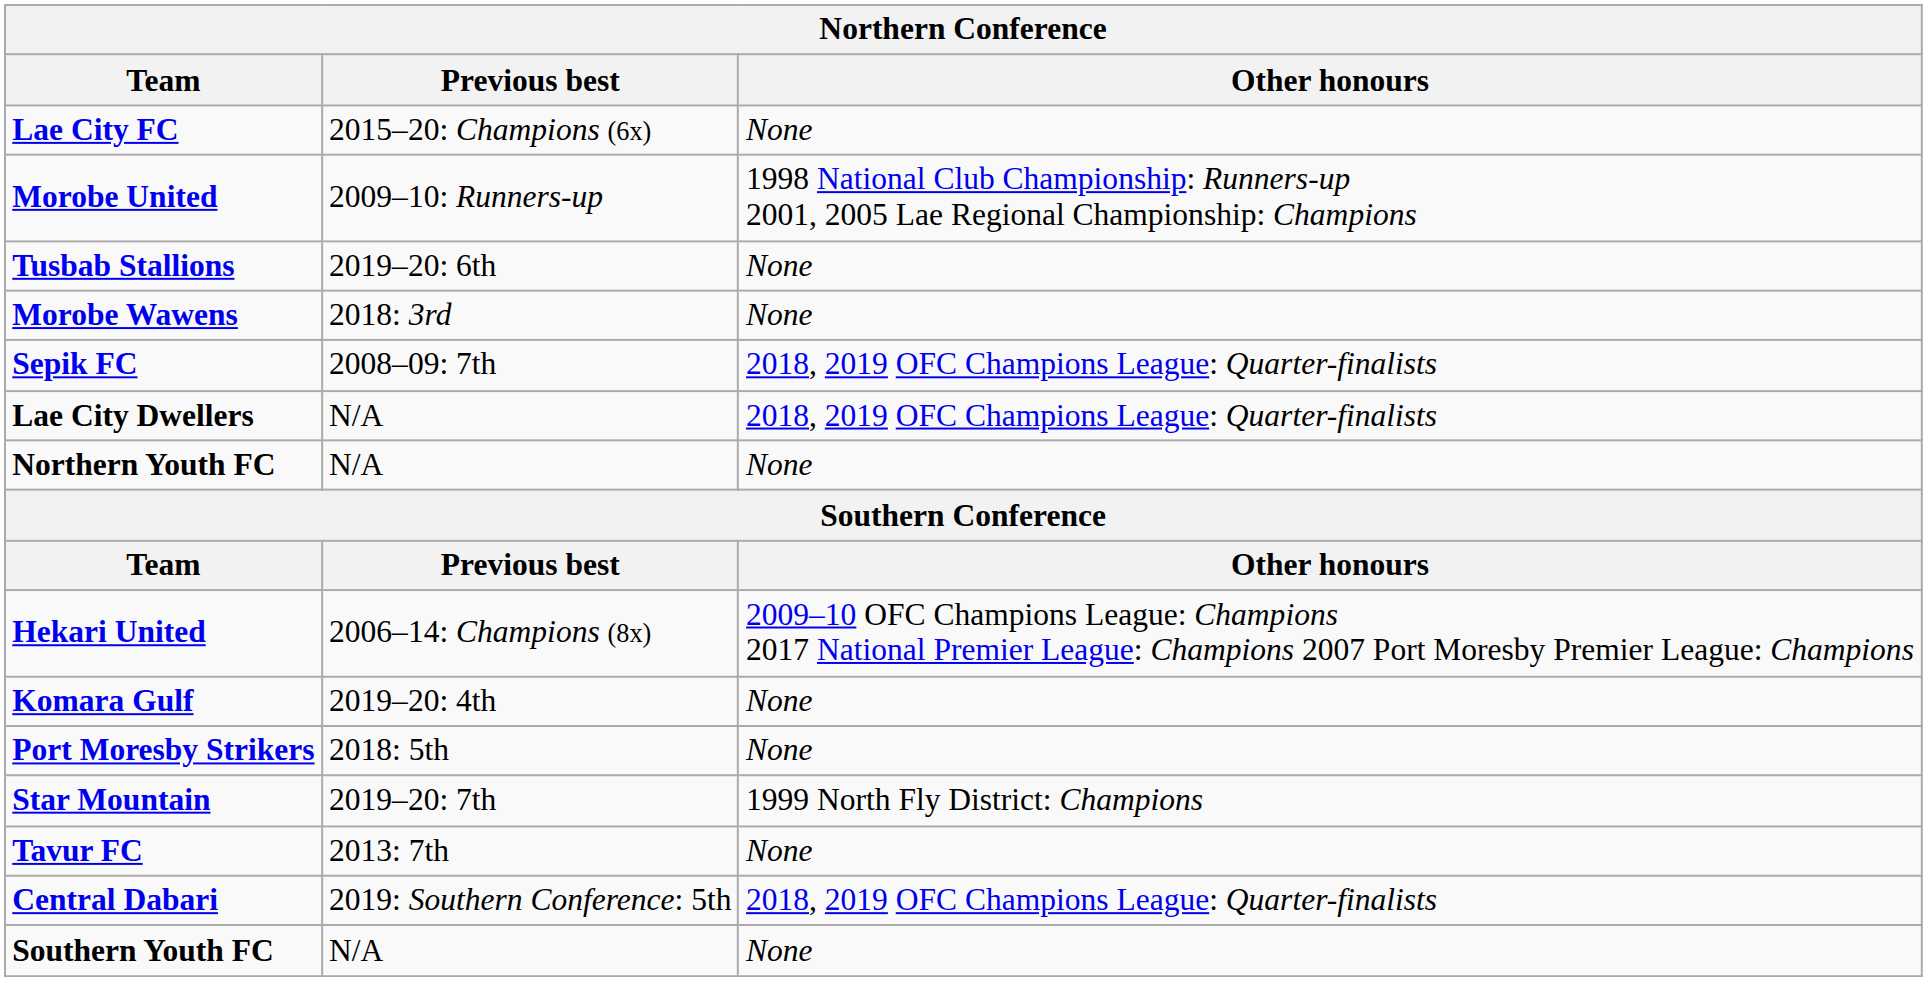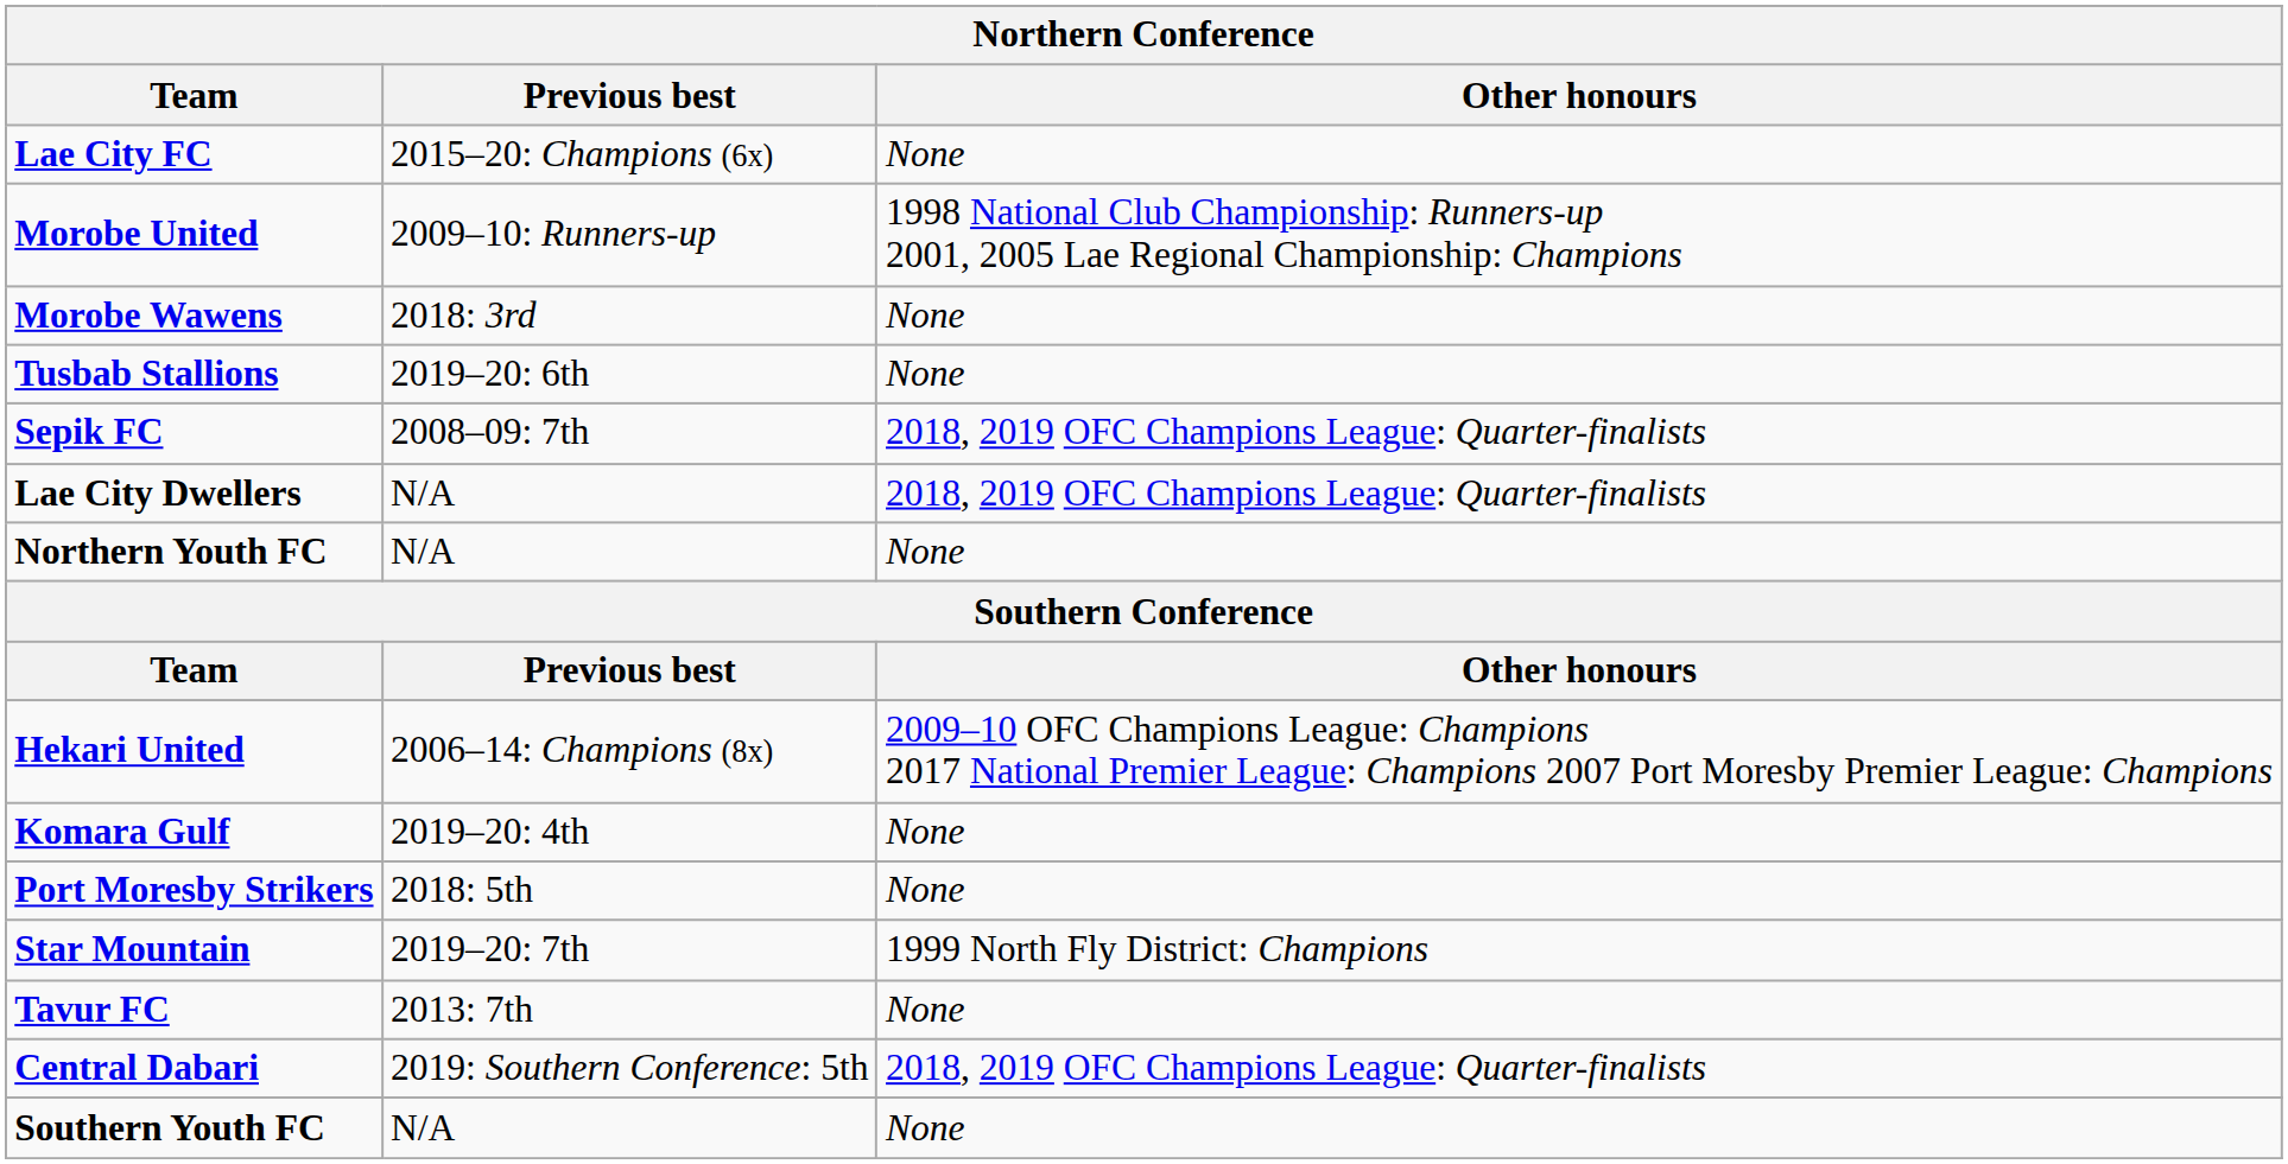 <table class="wikitable">
 <tr>
 <th colspan="3">Northern Conference</th>
 </tr>
 <tr>
 <th>Team</th>
 <th>Previous best</th>
 <th>Other honours</th>
 </tr>
 <tr>
 <td><strong><a href='#'>Lae City FC</a></strong></td>
 <td>2015–20: <em>Champions</em> <small>(6x)</small></td>
 <td><em>None</em></td>
 </tr>
 <tr>
 <td><a href='#'><strong>Morobe United</strong></a></td>
 <td>2009–10: <em>Runners-up</em></td>
 <td>1998 <a href='#'>National Club Championship</a>: <em>Runners-up</em><br>2001, 2005 Lae Regional Championship: <em>Champions</em></td>
 </tr>
 <tr>
-<td><a href='#'><strong>Tusbab Stallions</strong></a></td>
-<td>2019–20: 6th</td>
+<td><strong><a href='#'>Morobe Wawens</a></strong></td>
+<td>2018: <em>3rd</em></td>
 <td><em>None</em></td>
 </tr>
 <tr>
-<td><strong><a href='#'>Morobe Wawens</a></strong></td>
-<td>2018: <em>3rd</em></td>
+<td><a href='#'><strong>Tusbab Stallions</strong></a></td>
+<td>2019–20: 6th</td>
 <td><em>None</em></td>
 </tr>
 <tr>
 <td><strong><a href='#'>Sepik FC</a></strong></td>
 <td>2008–09: 7th</td>
 <td><a href='#'>2018</a>, <a href='#'>2019</a> <a href='#'>OFC Champions League</a>: <em>Quarter-finalists</em></td>
 </tr>
 <tr>
 <td><strong>Lae City Dwellers</strong></td>
 <td>N/A</td>
 <td><a href='#'>2018</a>, <a href='#'>2019</a> <a href='#'>OFC Champions League</a>: <em>Quarter-finalists</em></td>
 </tr>
 <tr>
 <td><strong>Northern Youth FC</strong></td>
 <td>N/A</td>
 <td><em>None</em></td>
 </tr>
 <tr>
 <th colspan="3">Southern Conference</th>
 </tr>
 <tr>
 <th>Team</th>
 <th>Previous best</th>
 <th>Other honours</th>
 </tr>
 <tr>
 <td><strong><a href='#'>Hekari United</a></strong></td>
 <td>2006–14: <em>Champions</em> <small> (8x)</small></td>
 <td><a href='#'>2009–10</a> OFC Champions League: <em>Champions</em><br>2017 <a href='#'>National Premier League</a>: <em>Champions</em> 2007 Port Moresby Premier League: <em>Champions</em></td>
 </tr>
 <tr>
 <td><strong><a href='#'>Komara Gulf</a></strong></td>
 <td>2019–20: 4th</td>
 <td><em>None</em></td>
 </tr>
 <tr>
 <td><strong><a href='#'>Port Moresby Strikers</a></strong></td>
 <td>2018: 5th</td>
 <td><em>None</em></td>
 </tr>
 <tr>
 <td><strong><a href='#'>Star Mountain</a></strong></td>
 <td>2019–20: 7th</td>
 <td>1999 North Fly District: <em>Champions</em></td>
 </tr>
 <tr>
 <td><strong><a href='#'>Tavur FC</a></strong></td>
 <td>2013: 7th</td>
 <td><em>None</em></td>
 </tr>
 <tr>
 <td><a href='#'><strong>Central Dabari</strong></a></td>
 <td>2019: <em>Southern Conference</em>: 5th</td>
 <td><a href='#'>2018</a>, <a href='#'>2019</a> <a href='#'>OFC Champions League</a>: <em>Quarter-finalists</em></td>
 </tr>
 <tr>
 <td><strong>Southern Youth FC</strong></td>
 <td>N/A</td>
 <td><em>None</em></td>
 </tr>
 </table>
